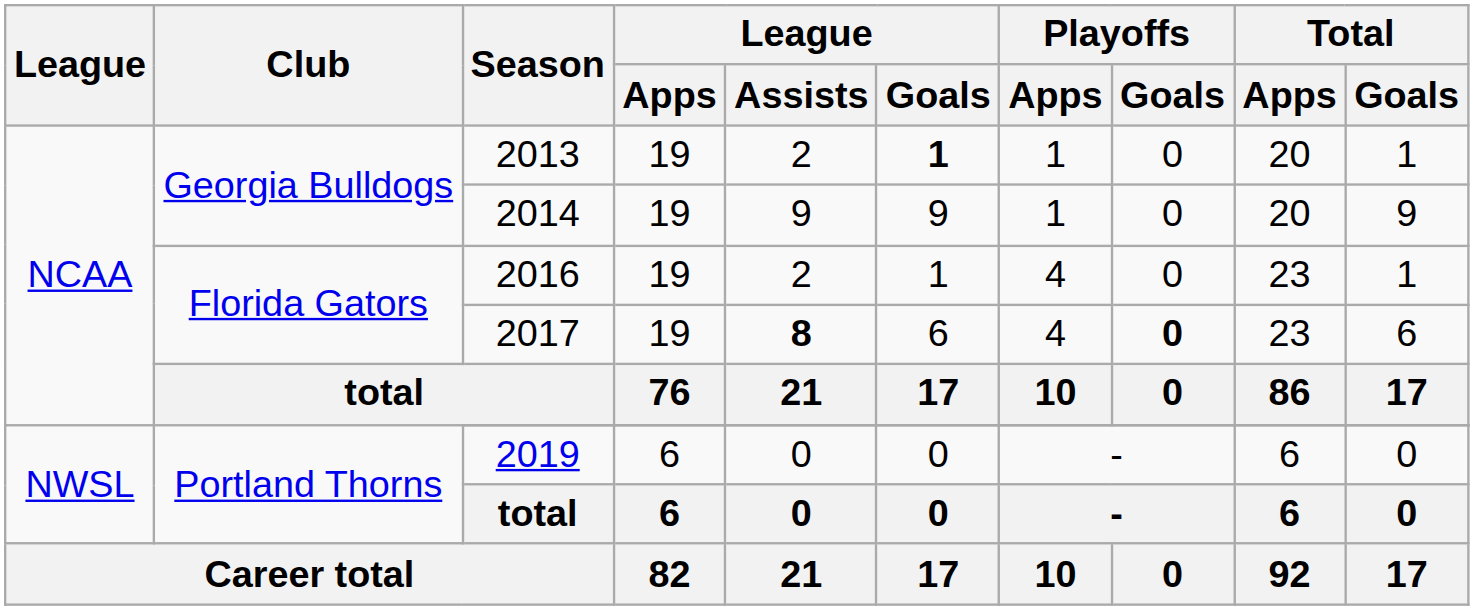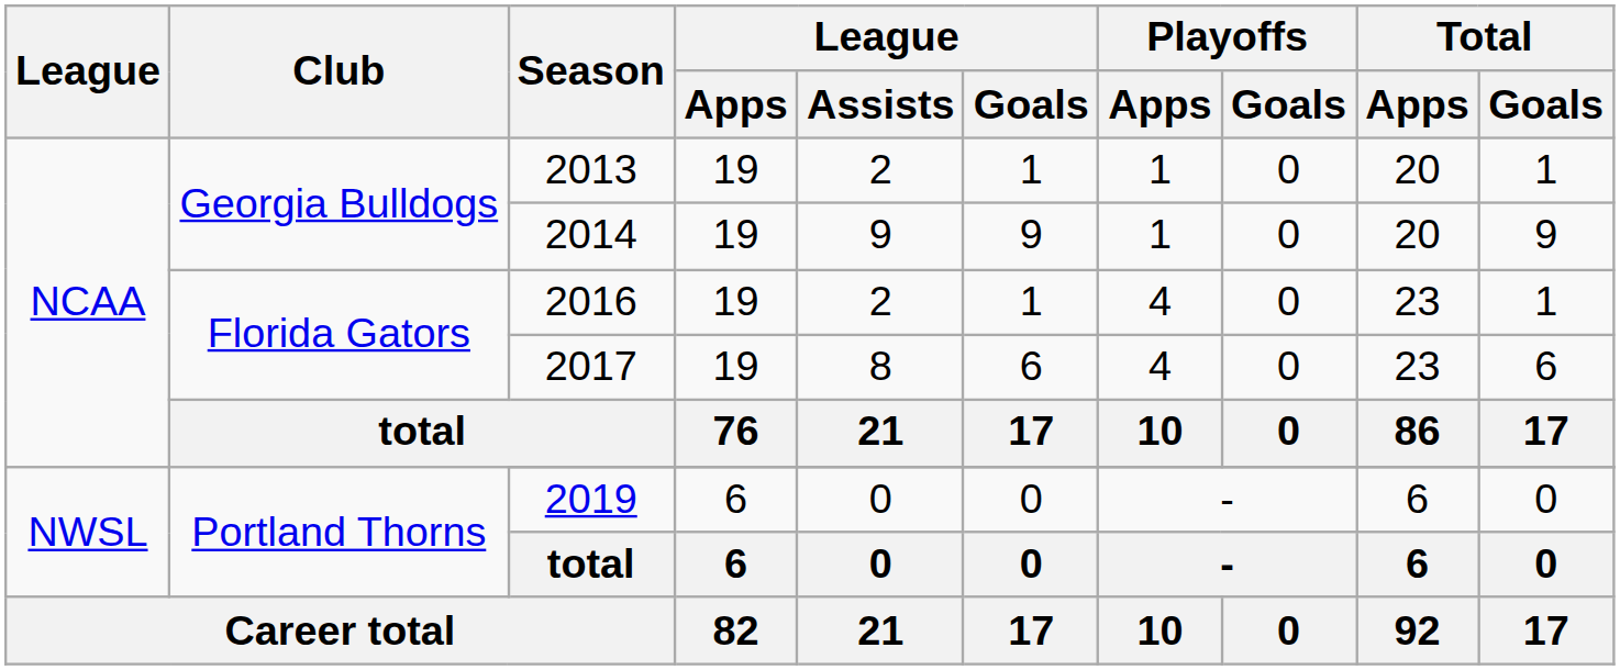 <table class="wikitable" style="text-align: center;">
 <tr>
 <th rowspan="2">League</th>
 <th rowspan="2">Club</th>
 <th rowspan="2">Season</th>
 <th colspan="3">League</th>
 <th colspan="2">Playoffs</th>
 <th colspan="3">Total</th>
 </tr>
 <tr>
 <th>Apps</th>
 <th>Assists</th>
 <th>Goals</th>
 <th>Apps</th>
 <th>Goals</th>
 <th>Apps</th>
 <th>Goals</th>
 </tr>
 <tr>
 <td rowspan="5"><a href='#'>NCAA</a></td>
 <td rowspan="2"><a href='#'>Georgia Bulldogs</a></td>
 <td>2013</td>
 <td>19</td>
 <td>2</td>
-<td><strong>1</strong></td>
+<td>1</td>
 <td>1</td>
 <td>0</td>
 <td>20</td>
 <td>1</td>
 </tr>
 <tr>
 <td>2014</td>
 <td>19</td>
 <td>9</td>
 <td>9</td>
 <td>1</td>
 <td>0</td>
 <td>20</td>
 <td>9</td>
 </tr>
 <tr>
 <td rowspan="2"><a href='#'>Florida Gators</a></td>
 <td>2016</td>
 <td>19</td>
 <td>2</td>
 <td>1</td>
 <td>4</td>
 <td>0</td>
 <td>23</td>
 <td>1</td>
 </tr>
 <tr>
 <td>2017</td>
 <td>19</td>
-<td><strong>8</strong></td>
+<td>8</td>
 <td>6</td>
 <td>4</td>
-<td><strong>0</strong></td>
+<td>0</td>
 <td>23</td>
 <td>6</td>
 </tr>
 <tr>
 <th colspan=2>total</th>
 <th>76</th>
 <th>21</th>
 <th>17</th>
 <th>10</th>
 <th>0</th>
 <th>86</th>
 <th>17</th>
 </tr>
 <tr>
 <td rowspan="3"><a href='#'>NWSL</a></td>
 <td rowspan="3"><a href='#'>Portland Thorns</a></td>
 </tr>
 <tr>
 <td><a href='#'>2019</a></td>
 <td>6</td>
 <td>0</td>
 <td>0</td>
 <td colspan="2">-</td>
 <td>6</td>
 <td>0</td>
 </tr>
 <tr>
 <th>total</th>
 <th>6</th>
 <th>0</th>
 <th>0</th>
 <th colspan=2>-</th>
 <th>6</th>
 <th>0</th>
 </tr>
 <tr>
 <th colspan="3">Career total</th>
 <th>82</th>
 <th>21</th>
 <th>17</th>
 <th>10</th>
 <th>0</th>
 <th>92</th>
 <th>17</th>
 </tr>
 </table>
